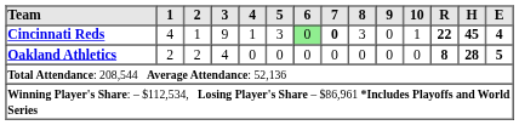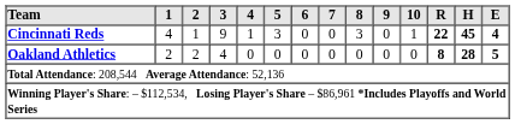 <table border="1" cellspacing="0"  style="width:575px; margin-left:3em;">
 <tr style="text-align:center; background:#e6e6e6;">
 <th style="text-align:left; width:155px;">Team</th>
 <th width=25>1</th>
 <th width=25>2</th>
 <th width=25>3</th>
 <th width=25>4</th>
 <th width=25>5</th>
 <th width=25>6</th>
 <th width=25>7</th>
 <th width=25>8</th>
 <th width=25>9</th>
 <th width=25>10</th>
 <th width=25>R</th>
 <th width=25>H</th>
 <th width=25>E</th>
 </tr>
 <tr style="text-align:center;">
 <td align=left><strong><a href='#'>Cincinnati Reds</a></strong></td>
 <td>4</td>
 <td>1</td>
 <td>9</td>
 <td>1</td>
 <td>3</td>
-<td style="background: lightgreen;">0</td>
-<td><strong>0</strong></td>
+<td>0</td>
+<td>0</td>
 <td>3</td>
 <td>0</td>
 <td>1</td>
 <td><strong>22</strong></td>
 <td><strong>45</strong></td>
 <td><strong>4</strong></td>
 </tr>
 <tr style="text-align:center;">
 <td align=left><strong><a href='#'>Oakland Athletics</a></strong></td>
 <td>2</td>
 <td>2</td>
 <td>4</td>
 <td>0</td>
 <td>0</td>
 <td>0</td>
 <td>0</td>
 <td>0</td>
 <td>0</td>
 <td>0</td>
 <td><strong>8</strong></td>
 <td><strong>28</strong></td>
 <td><strong>5</strong></td>
 </tr>
 <tr style="text-align:left;">
 <td colspan=15><small><strong>Total Attendance</strong>: 208,544   <strong>Average Attendance</strong>: 52,136</small></td>
 </tr>
 <tr style="text-align:left;">
 <td colspan=15><small><strong>Winning Player's Share</strong>:  – $112,534,   <strong>Losing Player's Share</strong> – $86,961<strong> *Includes Playoffs and World Series</strong></small></td>
 </tr>
 </table>
